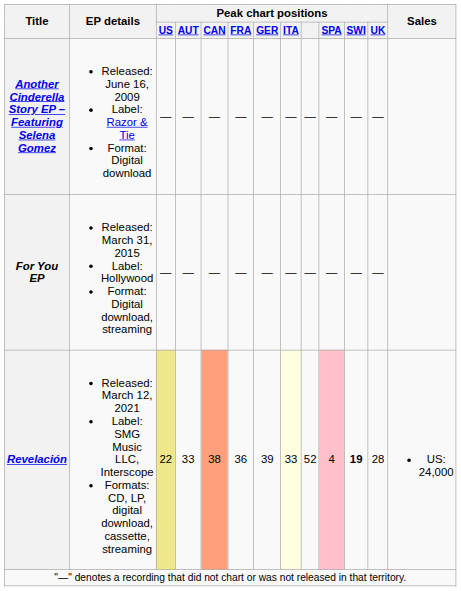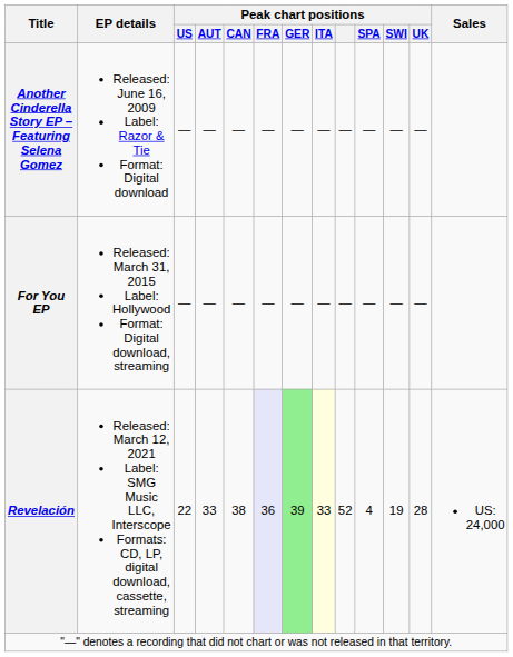 <table class="wikitable plainrowheaders" style="text-align:center;">
 <tr>
 <th scope="col" rowspan="2" style="width:12em;">Title</th>
 <th scope="col" rowspan="2" style="width:18em;">EP details</th>
 <th scope="col" colspan="10">Peak chart positions</th>
 <th scope="col" rowspan="2" style="width:9em;">Sales</th>
 </tr>
 <tr>
 <th scope="col" style="width:2.5em;font-size:90%;"><a href='#'>US</a><br></th>
 <th scope="col" style="width:2.5em;font-size:90%;"><a href='#'>AUT</a><br></th>
 <th scope="col" style="width:2.5em;font-size:90%;"><a href='#'>CAN</a><br></th>
 <th scope="col" style="width:2.5em;font-size:90%;"><a href='#'>FRA</a><br></th>
 <th scope="col" style="width:2.5em;font-size:90%;"><a href='#'>GER</a><br></th>
 <th scope="col" style="width:2.5em;font-size:90%;"><a href='#'>ITA</a><br></th>
 <th scope="col" style="width:2.5em;font-size:90%;"><a href='#'></a><br></th>
 <th scope="col" style="width:2.5em;font-size:90%;"><a href='#'>SPA</a><br></th>
 <th scope="col" style="width:2.5em;font-size:90%;"><a href='#'>SWI</a><br></th>
 <th scope="col" style="width:2.5em;font-size:90%;"><a href='#'>UK</a><br></th>
 </tr>
 <tr>
 <th scope="row"><em><a href='#'>Another Cinderella Story EP – Featuring Selena Gomez</a></em></th>
 <td><br><ul><li>Released: June 16, 2009</li><li>Label: <a href='#'>Razor & Tie</a></li><li>Format: Digital download</li></ul></td>
 <td>—</td>
 <td>—</td>
 <td>—</td>
 <td>—</td>
 <td>—</td>
 <td>—</td>
 <td>—</td>
 <td>—</td>
 <td>—</td>
 <td>—</td>
 <td></td>
 </tr>
 <tr>
 <th scope="row"><em>For You EP</em></th>
 <td><br><ul><li>Released: March 31, 2015</li><li>Label: Hollywood</li><li>Format: Digital download, streaming</li></ul></td>
 <td>—</td>
 <td>—</td>
 <td>—</td>
 <td>—</td>
 <td>—</td>
 <td>—</td>
 <td>—</td>
 <td>—</td>
 <td>—</td>
 <td>—</td>
 <td></td>
 </tr>
 <tr>
 <th scope="row"><em><a href='#'>Revelación</a></em></th>
 <td><br><ul><li>Released: March 12, 2021</li><li>Label: SMG Music LLC, Interscope</li><li>Formats: CD, LP, digital download, cassette, streaming</li></ul></td>
-<td style="background: khaki;">22</td>
+<td>22</td>
 <td>33</td>
-<td style="background: lightsalmon;">38</td>
-<td>36</td>
-<td>39</td>
+<td>38</td>
+<td style="background: lavender;">36</td>
+<td style="background: lightgreen;">39</td>
 <td style="background: lightyellow;">33</td>
 <td>52</td>
-<td style="background: pink;">4</td>
-<td><strong>19</strong></td>
+<td>4</td>
+<td>19</td>
 <td>28</td>
 <td><br><ul><li>US: 24,000</li></ul></td>
 </tr>
 <tr>
 <td colspan="14" style="font-size:90%">"—" denotes a recording that did not chart or was not released in that territory.</td>
 </tr>
 </table>
